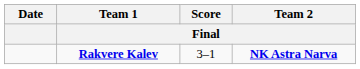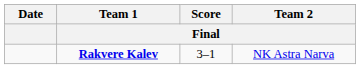 <table class="wikitable" style="text-align: center">
 <tr>
 <th width=60px>Date</th>
 <th width=150px>Team 1</th>
 <th width=60px>Score</th>
 <th width=150px>Team 2</th>
 </tr>
 <tr>
 <th></th>
 <th colspan=3>Final</th>
 </tr>
 <tr>
 <td></td>
 <td><strong><a href='#'>Rakvere Kalev</a></strong></td>
 <td>3–1</td>
-<td><strong><a href='#'>NK Astra Narva</a></strong></td>
+<td><a href='#'>NK Astra Narva</a></td>
 </tr>
 </table>
